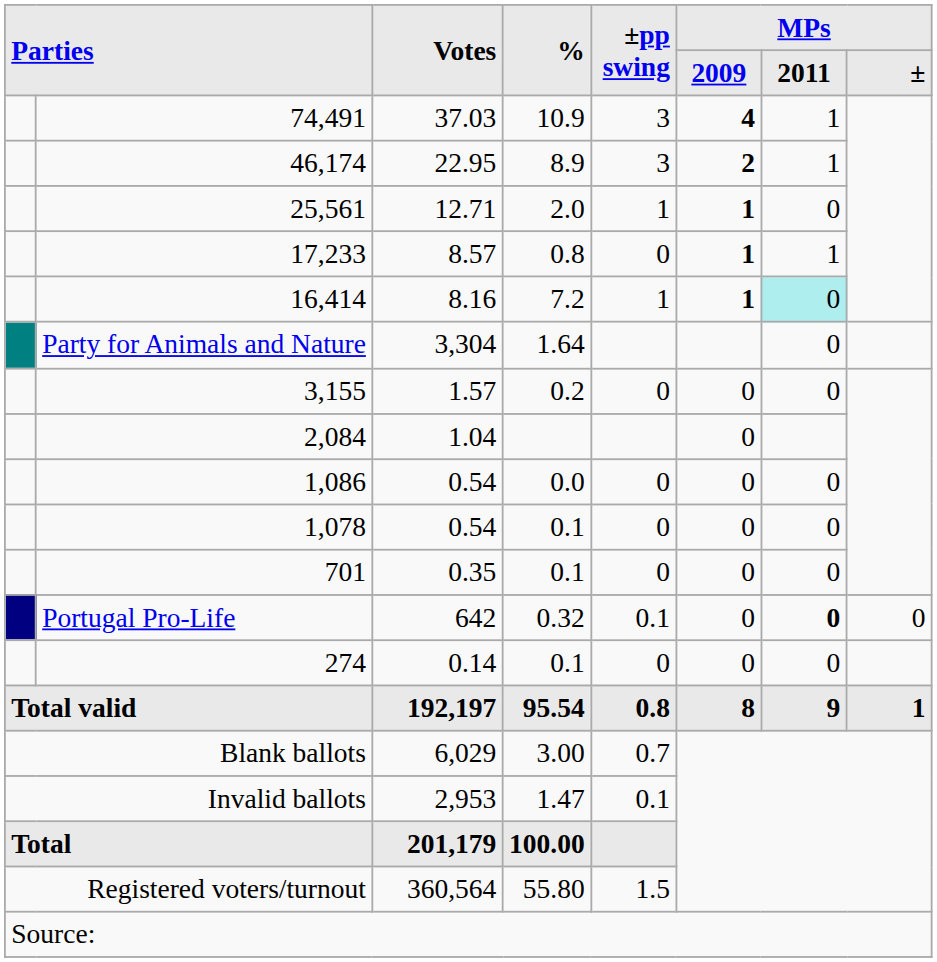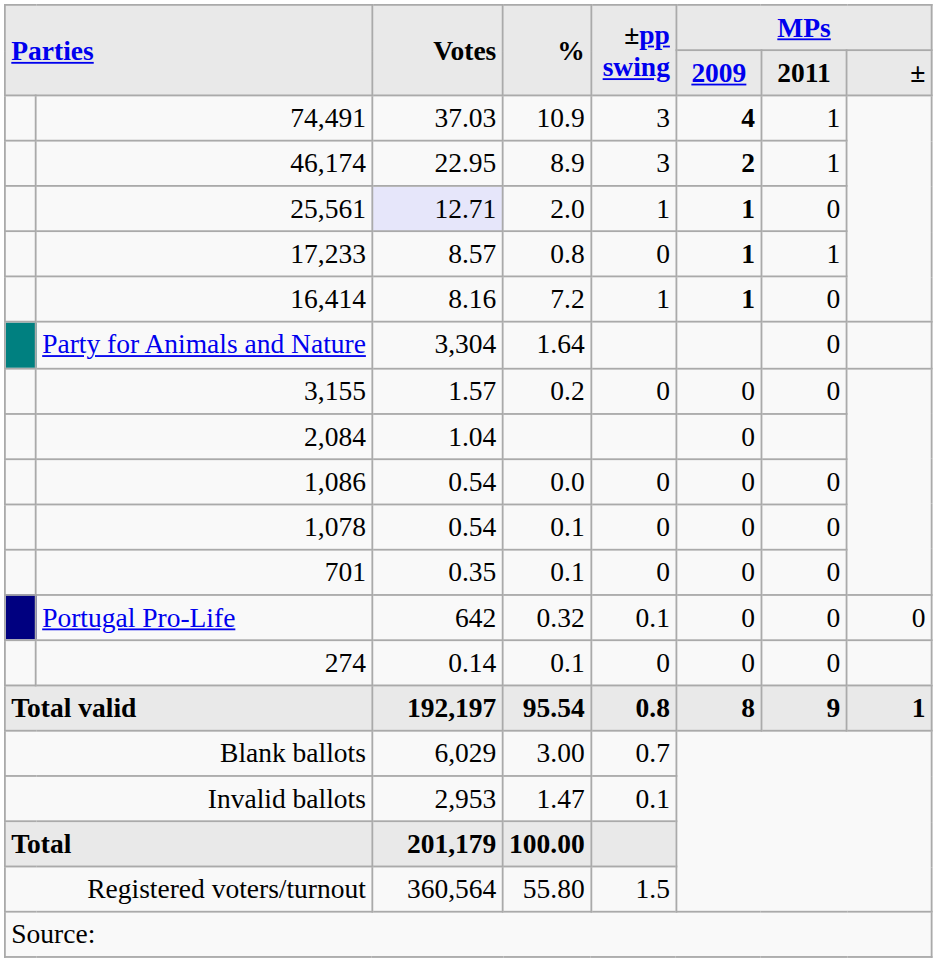 <table class="wikitable" style="text-align:right; font-size:95%;">
 <tr>
 <th rowspan="2" colspan="2" style="background:#e9e9e9; text-align:left;" alignleft><a href='#'>Parties</a></th>
 <th rowspan="2" style="background:#e9e9e9; text-align:right;">Votes</th>
 <th rowspan="2" style="background:#e9e9e9; text-align:right;">%</th>
 <th rowspan="2" style="background:#e9e9e9; text-align:right;">±<a href='#'>pp</a> <a href='#'>swing</a></th>
 <th colspan="3" style="background:#e9e9e9; text-align:center;"><a href='#'>MPs</a></th>
 </tr>
 <tr style="background-color:#E9E9E9">
 <th style="background-color:#E9E9E9;text-align:center;"><a href='#'>2009</a></th>
 <th style="background-color:#E9E9E9;text-align:center;">2011</th>
 <th style="background:#e9e9e9; text-align:right;">±</th>
 </tr>
 <tr>
 <td></td>
 <td>74,491</td>
 <td>37.03</td>
 <td>10.9</td>
 <td>3</td>
 <td><strong>4</strong></td>
 <td>1</td>
 </tr>
 <tr>
 <td></td>
 <td>46,174</td>
 <td>22.95</td>
 <td>8.9</td>
 <td>3</td>
 <td><strong>2</strong></td>
 <td>1</td>
 </tr>
 <tr>
 <td></td>
 <td>25,561</td>
-<td>12.71</td>
+<td style="background: lavender;">12.71</td>
 <td>2.0</td>
 <td>1</td>
 <td><strong>1</strong></td>
 <td>0</td>
 </tr>
 <tr>
 <td></td>
 <td>17,233</td>
 <td>8.57</td>
 <td>0.8</td>
 <td>0</td>
 <td><strong>1</strong></td>
 <td>1</td>
 </tr>
 <tr>
 <td></td>
 <td>16,414</td>
 <td>8.16</td>
 <td>7.2</td>
 <td>1</td>
 <td><strong>1</strong></td>
-<td style="background: paleturquoise;">0</td>
+<td>0</td>
 </tr>
 <tr>
 <td style="width: 10px" bgcolor="teal" align="center"></td>
 <td align="left"><a href='#'>Party for Animals and Nature</a></td>
 <td>3,304</td>
 <td>1.64</td>
 <td></td>
 <td></td>
 <td>0</td>
 <td></td>
 </tr>
 <tr>
 <td></td>
 <td>3,155</td>
 <td>1.57</td>
 <td>0.2</td>
 <td>0</td>
 <td>0</td>
 <td>0</td>
 </tr>
 <tr>
 <td></td>
 <td>2,084</td>
 <td>1.04</td>
 <td></td>
 <td></td>
 <td>0</td>
 <td></td>
 </tr>
 <tr>
 <td></td>
 <td>1,086</td>
 <td>0.54</td>
 <td>0.0</td>
 <td>0</td>
 <td>0</td>
 <td>0</td>
 </tr>
 <tr>
 <td></td>
 <td>1,078</td>
 <td>0.54</td>
 <td>0.1</td>
 <td>0</td>
 <td>0</td>
 <td>0</td>
 </tr>
 <tr>
 <td></td>
 <td>701</td>
 <td>0.35</td>
 <td>0.1</td>
 <td>0</td>
 <td>0</td>
 <td>0</td>
 </tr>
 <tr>
 <td style="width:10px;background-color:#000080;text-align:center;"></td>
 <td style="text-align:left;"><a href='#'>Portugal Pro-Life</a></td>
 <td>642</td>
 <td>0.32</td>
 <td>0.1</td>
 <td>0</td>
-<td><strong>0</strong></td>
+<td>0</td>
 <td>0</td>
 </tr>
 <tr>
 <td></td>
 <td>274</td>
 <td>0.14</td>
 <td>0.1</td>
 <td>0</td>
 <td>0</td>
 <td>0</td>
 </tr>
 <tr>
 <td colspan=2 align=left style="background-color:#E9E9E9"><strong>Total valid</strong></td>
 <td width="65" align="right" style="background-color:#E9E9E9"><strong>192,197</strong></td>
 <td width="40" align="right" style="background-color:#E9E9E9"><strong>95.54</strong></td>
 <td width="40" align="right" style="background-color:#E9E9E9"><strong>0.8</strong></td>
 <td width="40" align="right" style="background-color:#E9E9E9"><strong>8</strong></td>
 <td width="40" align="right" style="background-color:#E9E9E9"><strong>9</strong></td>
 <td width="40" align="right" style="background-color:#E9E9E9"><strong>1</strong></td>
 </tr>
 <tr>
 <td colspan=2>Blank ballots</td>
 <td>6,029</td>
 <td>3.00</td>
 <td>0.7</td>
 <td colspan=4 rowspan=4></td>
 </tr>
 <tr>
 <td colspan=2>Invalid ballots</td>
 <td>2,953</td>
 <td>1.47</td>
 <td>0.1</td>
 </tr>
 <tr>
 <td colspan=2 align=left style="background-color:#E9E9E9"><strong>Total</strong></td>
 <td width="50" align="right" style="background-color:#E9E9E9"><strong>201,179</strong></td>
 <td width="40" align="right" style="background-color:#E9E9E9"><strong>100.00</strong></td>
 <td width="40" align="right" style="background-color:#E9E9E9"></td>
 </tr>
 <tr>
 <td colspan=2>Registered voters/turnout</td>
 <td>360,564</td>
 <td>55.80</td>
 <td>1.5</td>
 </tr>
 <tr>
 <td colspan=11 align=left>Source: </td>
 </tr>
 </table>
